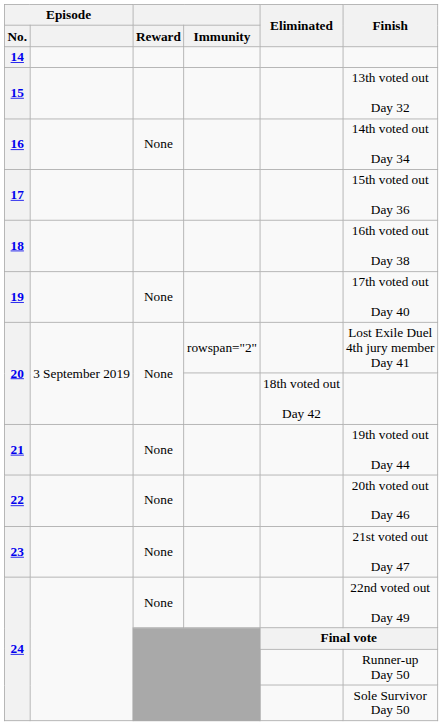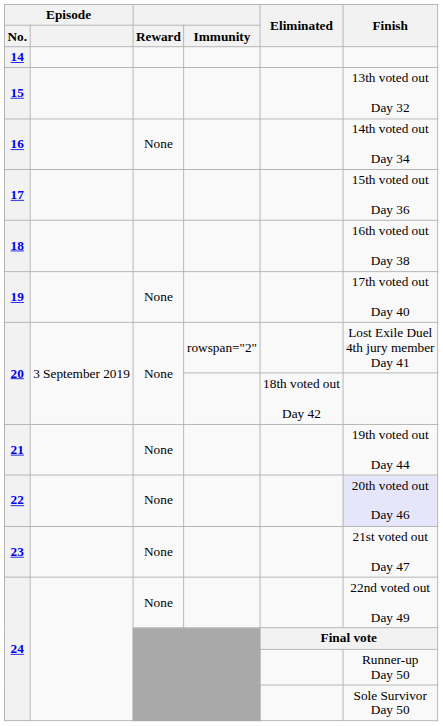 <table class="wikitable nowrap" style="text-align:center; font-size:100%">
 <tr>
 <th colspan="2"><strong>Episode</strong></th>
 <th colspan="2"></th>
 <th rowspan="2"><strong>Eliminated</strong></th>
 <th rowspan="2"><strong>Finish</strong></th>
 </tr>
 <tr>
 <th>No.</th>
 <th></th>
 <th>Reward</th>
 <th>Immunity</th>
 </tr>
 <tr>
 <th><a href='#'>14</a></th>
 <td></td>
 <td></td>
 <td></td>
 <td></td>
 <td></td>
 </tr>
 <tr>
 <th><a href='#'>15</a></th>
 <td></td>
 <td></td>
 <td></td>
 <td></td>
 <td>13th voted out<br><br>Day 32</td>
 </tr>
 <tr>
 <th><a href='#'>16</a></th>
 <td></td>
 <td>None</td>
 <td></td>
 <td></td>
 <td>14th voted out<br><br>Day 34</td>
 </tr>
 <tr>
 <th><a href='#'>17</a></th>
 <td></td>
 <td></td>
 <td></td>
 <td></td>
 <td>15th voted out<br><br>Day 36</td>
 </tr>
 <tr>
 <th><a href='#'>18</a></th>
 <td></td>
 <td></td>
 <td></td>
 <td></td>
 <td>16th voted out<br><br>Day 38</td>
 </tr>
 <tr>
 <th><a href='#'>19</a></th>
 <td></td>
 <td>None</td>
 <td></td>
 <td></td>
 <td>17th voted out<br><br>Day 40</td>
 </tr>
 <tr>
 <th rowspan="2"><a href='#'>20</a></th>
 <td rowspan="2">3 September 2019</td>
 <td rowspan="2">None</td>
 <td>rowspan="2"</td>
 <td></td>
 <td>Lost Exile Duel<br>4th jury member<br>Day 41</td>
 </tr>
 <tr>
 <td></td>
 <td>18th voted out<br><br>Day 42</td>
 </tr>
 <tr>
 <th><a href='#'>21</a></th>
 <td></td>
 <td>None</td>
 <td></td>
 <td></td>
 <td>19th voted out<br><br>Day 44</td>
 </tr>
 <tr>
 <th><a href='#'>22</a></th>
 <td></td>
 <td>None</td>
 <td></td>
 <td></td>
-<td>20th voted out<br><br>Day 46</td>
+<td style="background: lavender;">20th voted out<br><br>Day 46</td>
 </tr>
 <tr>
 <th><a href='#'>23</a></th>
 <td></td>
 <td>None</td>
 <td></td>
 <td></td>
 <td>21st voted out<br><br>Day 47</td>
 </tr>
 <tr>
 <th rowspan="4"><a href='#'>24</a></th>
 <td rowspan="4"></td>
 <td>None</td>
 <td></td>
 <td></td>
 <td>22nd voted out<br><br>Day 49</td>
 </tr>
 <tr>
 <td rowspan="3" colspan="2" bgcolor="darkgray"></td>
 <th colspan="2"><strong>Final vote</strong></th>
 </tr>
 <tr 9-0>
 <td></td>
 <td>Runner-up<br>Day 50</td>
 </tr>
 <tr Baden Gilbert>
 <td></td>
 <td>Sole Survivor<br>Day 50</td>
 </tr>
 </table>
